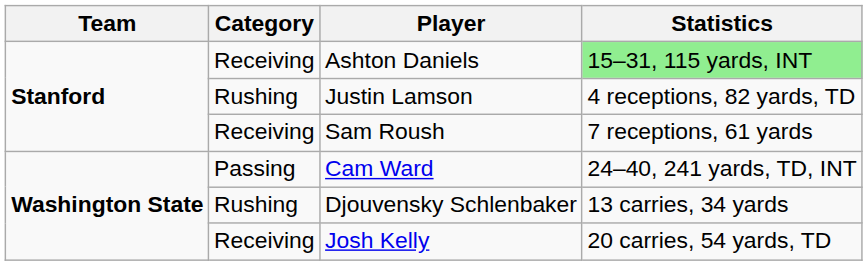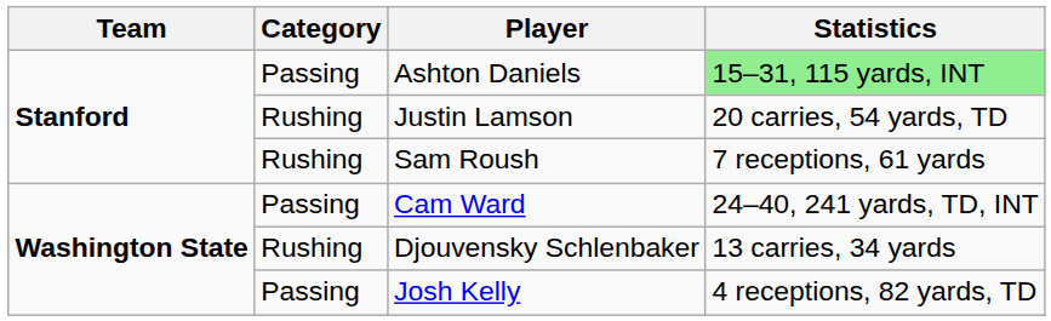 <table class="wikitable" style="float: right;">
 <tr>
 <th>Team</th>
 <th>Category</th>
 <th>Player</th>
 <th>Statistics</th>
 </tr>
 <tr>
 <td rowspan=3><strong>Stanford</strong></td>
-<td>Receiving</td>
+<td>Passing</td>
 <td>Ashton Daniels</td>
 <td style="background: lightgreen;">15–31, 115 yards, INT</td>
 </tr>
 <tr>
 <td>Rushing</td>
 <td>Justin Lamson</td>
-<td>4 receptions, 82 yards, TD</td>
+<td>20 carries, 54 yards, TD</td>
 </tr>
 <tr>
-<td>Receiving</td>
+<td>Rushing</td>
 <td>Sam Roush</td>
 <td>7 receptions, 61 yards</td>
 </tr>
 <tr>
 <td rowspan=3><strong>Washington State</strong></td>
 <td>Passing</td>
 <td><a href='#'>Cam Ward</a></td>
 <td>24–40, 241 yards, TD, INT</td>
 </tr>
 <tr>
 <td>Rushing</td>
 <td>Djouvensky Schlenbaker</td>
 <td>13 carries, 34 yards</td>
 </tr>
 <tr>
-<td>Receiving</td>
+<td>Passing</td>
 <td><a href='#'>Josh Kelly</a></td>
-<td>20 carries, 54 yards, TD</td>
+<td>4 receptions, 82 yards, TD</td>
 </tr>
 </table>
